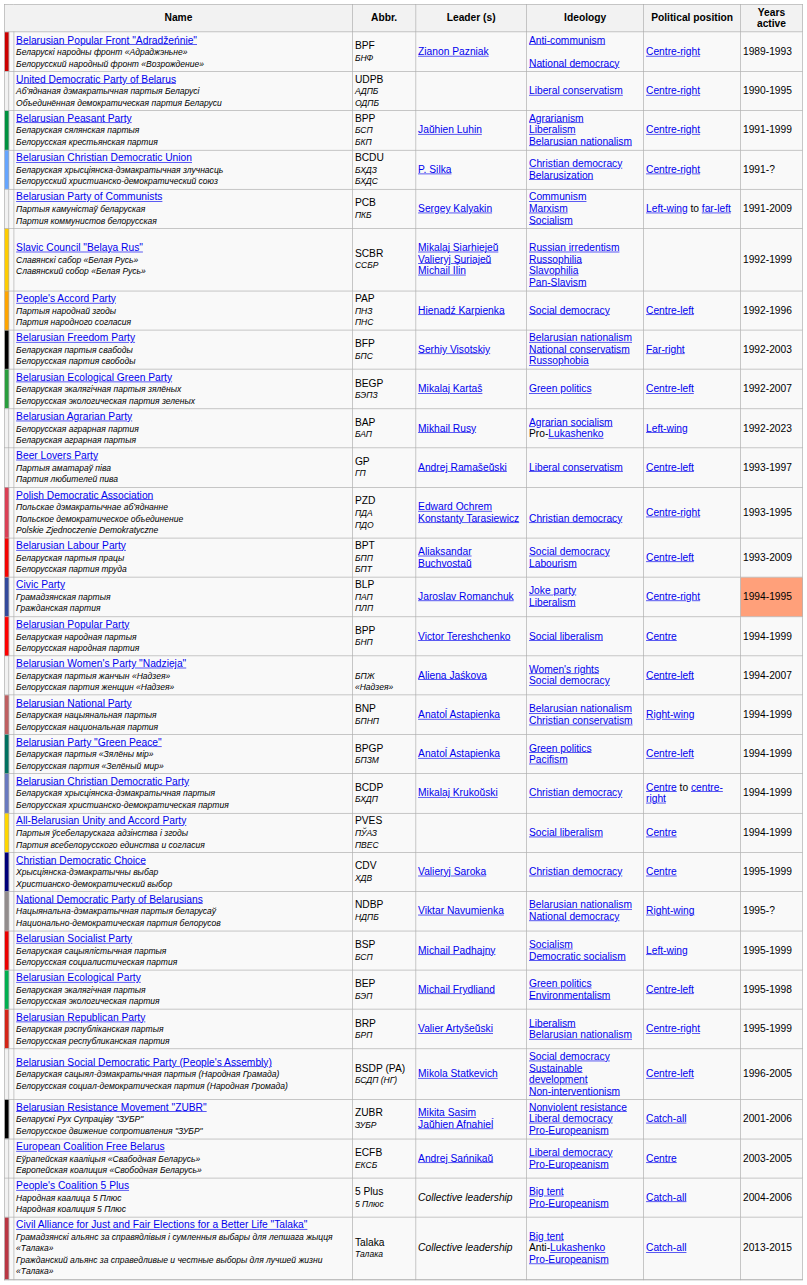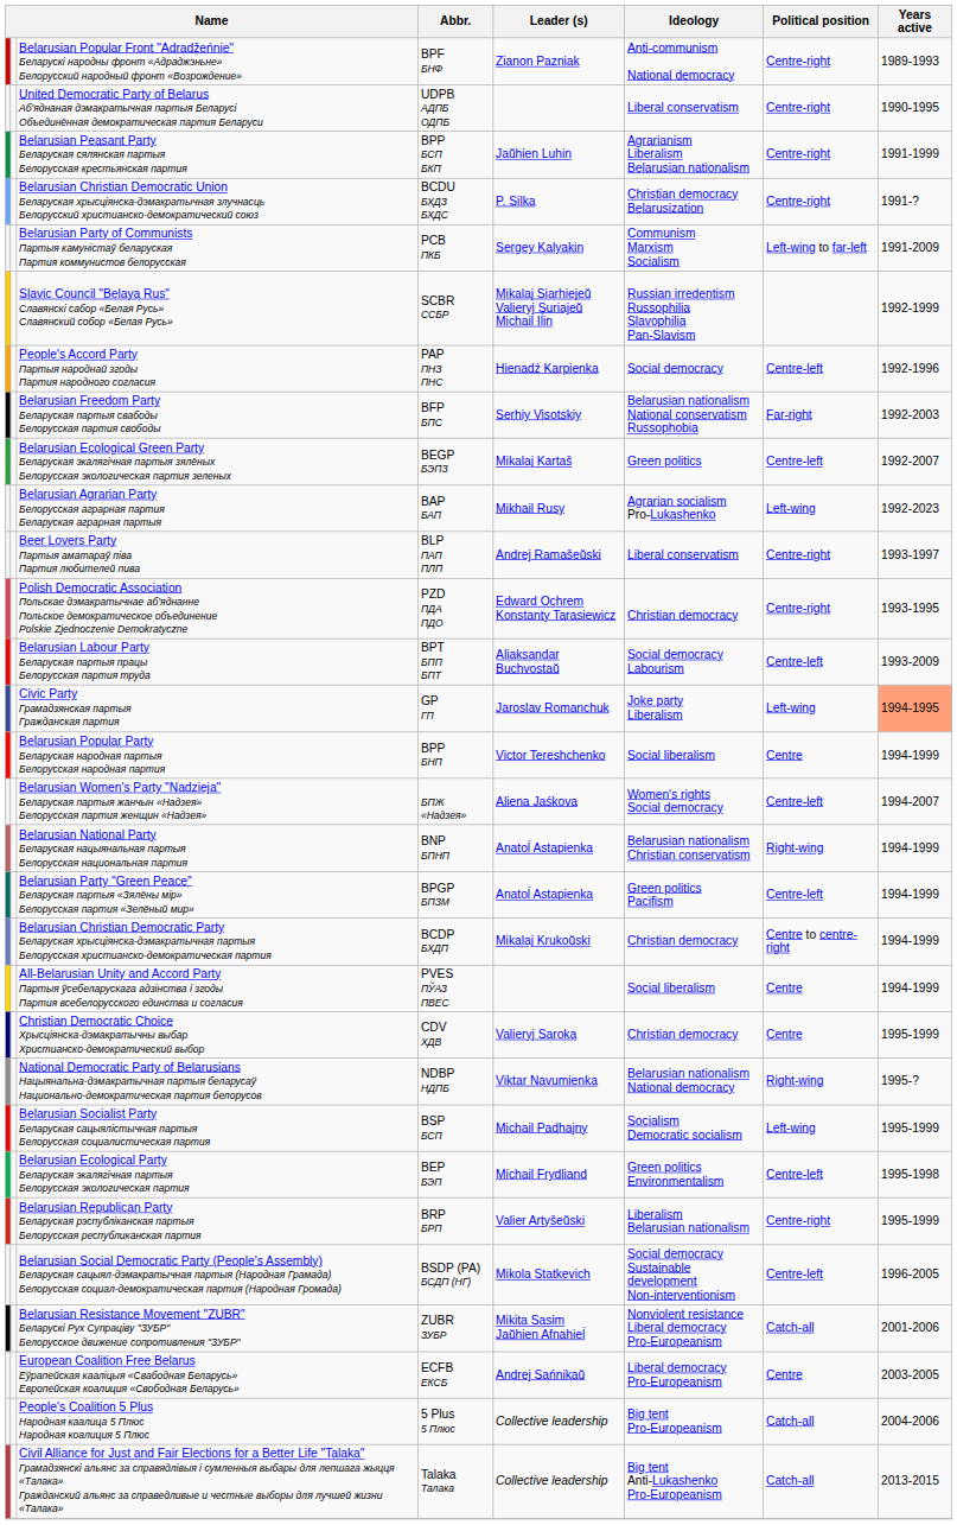 <table class="wikitable sortable">
 <tr>
 <th colspan=3>Name</th>
 <th>Abbr.</th>
 <th>Leader (s)</th>
 <th>Ideology</th>
 <th>Political position</th>
 <th>Years active</th>
 </tr>
 <tr>
 <th style="background:#CC0000;"></th>
 <td></td>
 <td><a href='#'>Belarusian Popular Front "Adradžeńnie"</a><br><small><em>Беларускі народны фронт «Адраджэньне»<br>Белорусский народный фронт «Возрождение»</em></small></td>
 <td>BPF<br><small><em>БНФ</em></small></td>
 <td><a href='#'>Zianon Pazniak</a></td>
 <td><a href='#'>Anti-communism</a><br><br><a href='#'>National democracy</a></td>
 <td><a href='#'>Centre-right</a></td>
 <td>1989-1993<br></td>
 </tr>
 <tr>
 <th style="background:"></th>
 <td></td>
 <td><a href='#'>United Democratic Party of Belarus</a><br><small><em>Аб'яднаная дэмакратычная партыя Беларусі<br>Объединённая демократическая партия Беларуси</em></small></td>
 <td>UDPB<br><small><em>АДПБ<br>ОДПБ</em></small></td>
 <td></td>
 <td><a href='#'>Liberal conservatism</a></td>
 <td><a href='#'>Centre-right</a></td>
 <td>1990-1995<br></td>
 </tr>
 <tr>
 <th style="background:#009240;"></th>
 <td></td>
 <td><a href='#'>Belarusian Peasant Party</a><br><small><em>Беларуская сялянская партыя<br>Белорусская крестьянская партия</em></small></td>
 <td>BPP<br><small><em>БСП<br>БКП</em></small></td>
 <td><a href='#'>Jaŭhien Luhin</a></td>
 <td><a href='#'>Agrarianism</a><br><a href='#'>Liberalism</a><br><a href='#'>Belarusian nationalism</a></td>
 <td><a href='#'>Centre-right</a></td>
 <td>1991-1999</td>
 </tr>
 <tr>
 <th style="background:#65A5FF;"></th>
 <td></td>
 <td><a href='#'>Belarusian Christian Democratic Union</a><br><small><em>Беларуская хрысціянска-дэмакратычная злучнасць<br>Белорусский христианско-демократический союз</em></small></td>
 <td>BCDU<br><small><em>БХДЗ<br>БХДС</em></small></td>
 <td><a href='#'>P. Silka</a></td>
 <td><a href='#'>Christian democracy</a><br><a href='#'>Belarusization</a></td>
 <td><a href='#'>Centre-right</a></td>
 <td>1991-?</td>
 </tr>
 <tr>
 <th style="background:"></th>
 <td></td>
 <td><a href='#'>Belarusian Party of Communists</a><br><small><em>Партыя камуністаў беларуская<br>Партия коммунистов белорусская</em></small></td>
 <td>PCB<br><small><em>ПКБ</em></small></td>
 <td><a href='#'>Sergey Kalyakin</a></td>
 <td><a href='#'>Communism</a><br><a href='#'>Marxism</a><br><a href='#'>Socialism</a></td>
 <td><a href='#'>Left-wing</a> to <a href='#'>far-left</a></td>
 <td>1991-2009<br></td>
 </tr>
 <tr>
 <th style="background:#FFCD01;"></th>
 <td></td>
 <td><a href='#'>Slavic Council "Belaya Rus"</a><br><small><em>Славянскі сабор «Белая Русь»<br>Славянский собор «Белая Русь»</em></small></td>
 <td>SCBR<br><small><em>ССБР</em></small></td>
 <td><a href='#'>Mikalaj Siarhiejeŭ</a><br><a href='#'>Valieryj Suriajeŭ</a><br><a href='#'>Michail Iĺin</a></td>
 <td><br><a href='#'>Russian irredentism</a><br><a href='#'>Russophilia</a><br><a href='#'>Slavophilia</a><br><a href='#'>Pan-Slavism</a></td>
 <td></td>
 <td>1992-1999</td>
 </tr>
 <tr>
 <th style="background:#FFA500;"></th>
 <td></td>
 <td><a href='#'>People's Accord Party</a><br><small><em>Партыя народнай згоды<br>Партия народного согласия</em></small></td>
 <td>PAP<br><small><em>ПНЗ<br>ПНС</em></small></td>
 <td><a href='#'>Hienadź Karpienka</a></td>
 <td><a href='#'>Social democracy</a></td>
 <td><a href='#'>Centre-left</a></td>
 <td>1992-1996<br></td>
 </tr>
 <tr>
 <th style="background:#000000;"></th>
 <td></td>
 <td><a href='#'>Belarusian Freedom Party</a><br><small><em>Беларуская партыя свабоды<br>Белорусская партия свободы</em></small></td>
 <td>BFP<br><small><em>БПС</em></small></td>
 <td><a href='#'>Serhiy Visotskiy</a></td>
 <td><a href='#'>Belarusian nationalism</a><br><a href='#'>National conservatism</a><br><a href='#'>Russophobia</a></td>
 <td><a href='#'>Far-right</a></td>
 <td>1992-2003<br></td>
 </tr>
 <tr>
 <th style="background:#289E3D;"></th>
 <td></td>
 <td><a href='#'>Belarusian Ecological Green Party</a><br><small><em>Беларуская экалягічная партыя зялёных<br>Белорусская экологическая партия зеленых</em></small></td>
 <td>BEGP<br><small><em>БЭПЗ</em></small></td>
 <td><a href='#'>Mikalaj Kartaš</a></td>
 <td><a href='#'>Green politics</a></td>
 <td><a href='#'>Centre-left</a></td>
 <td>1992-2007</td>
 </tr>
 <tr>
 <th style="background-color: "></th>
 <td></td>
 <td><a href='#'>Belarusian Agrarian Party</a><br><small><em>Белорусская аграрная партия<br>Беларуская аграрная партыя</em></small></td>
 <td>BAP<br><small><em>БАП</em></small></td>
 <td><a href='#'>Mikhail Rusy</a></td>
 <td><a href='#'>Agrarian socialism</a><br>Pro-<a href='#'>Lukashenko</a></td>
 <td><a href='#'>Left-wing</a></td>
 <td>1992-2023</td>
 </tr>
 <tr>
 <th style="background:"></th>
 <td></td>
 <td><a href='#'>Beer Lovers Party</a><br><small><em>Партыя аматараў піва<br>Партия любителей пива</em></small></td>
-<td>GP<br><small><em>ГП</em></small></td>
+<td>BLP<br><small><em>ПАП<br>ПЛП</em></small></td>
 <td><a href='#'>Andrej Ramašeŭski</a></td>
 <td><a href='#'>Liberal conservatism</a></td>
-<td><a href='#'>Centre-left</a></td>
+<td><a href='#'>Centre-right</a></td>
 <td>1993-1997</td>
 </tr>
 <tr>
 <th style="background:#DB3F55;"></th>
 <td></td>
 <td><a href='#'>Polish Democratic Association</a><br><small><em>Польскае дэмакратычнае аб’яднанне<br>Польское демократическое объединение<br>Polskie Zjednoczenie Demokratyczne</em></small></td>
 <td>PZD<br><small><em>ПДА<br>ПДО</em></small></td>
 <td><a href='#'>Edward Ochrem</a><br><a href='#'>Konstanty Tarasiewicz</a></td>
 <td><br><a href='#'>Christian democracy</a></td>
 <td><a href='#'>Centre-right</a></td>
 <td>1993-1995</td>
 </tr>
 <tr>
 <th style="background:#F40201;"></th>
 <td></td>
 <td><a href='#'>Belarusian Labour Party</a><br><small><em>Беларуская партыя працы<br>Белорусская партия труда</em></small></td>
 <td>BPT<br><small><em>БПП<br>БПТ</em></small></td>
 <td><a href='#'>Aliaksandar Buchvostaŭ</a></td>
 <td><a href='#'>Social democracy</a><br><a href='#'>Labourism</a></td>
 <td><a href='#'>Centre-left</a></td>
 <td>1993-2009<br></td>
 </tr>
 <tr>
 <th style="background:#33499B;"></th>
 <td></td>
 <td><a href='#'>Civic Party</a><br><small><em>Грамадзянская партыя<br>Гражданская партия</em></small></td>
-<td>BLP<br><small><em>ПАП<br>ПЛП</em></small></td>
+<td>GP<br><small><em>ГП</em></small></td>
 <td><a href='#'>Jaroslav Romanchuk</a></td>
 <td><a href='#'>Joke party</a><br><a href='#'>Liberalism</a></td>
-<td><a href='#'>Centre-right</a></td>
+<td><a href='#'>Left-wing</a></td>
 <td style="background: lightsalmon;">1994-1995<br></td>
 </tr>
 <tr>
 <th style="background:#FF0000"></th>
 <td></td>
 <td><a href='#'>Belarusian Popular Party</a><br><small><em>Беларуская народная партыя<br>Белорусская народная партия</em></small></td>
 <td>BPP<br><small><em>БНП</em></small></td>
 <td><a href='#'>Victor Tereshchenko</a></td>
 <td><a href='#'>Social liberalism</a></td>
 <td><a href='#'>Centre</a></td>
 <td>1994-1999</td>
 </tr>
 <tr>
 <th style="background:"></th>
 <td></td>
 <td><a href='#'>Belarusian Women's Party "Nadzieja"</a><br><small><em>Беларуская партыя жанчын «Надзея»<br>Белорусская партия женщин «Надзея»</em></small></td>
 <td><br><small><em>БПЖ «Надзея»</em></small></td>
 <td><a href='#'>Aliena Jaśkova</a></td>
 <td><a href='#'>Women's rights</a><br><a href='#'>Social democracy</a></td>
 <td><a href='#'>Centre-left</a></td>
 <td>1994-2007<br></td>
 </tr>
 <tr>
 <th style="background:#BF5F61;"></th>
 <td></td>
 <td><a href='#'>Belarusian National Party</a><br><small><em>Беларуская нацыянальная партыя<br>Белорусская национальная партия</em></small></td>
 <td>BNP<br><small><em>БПНП</em></small></td>
 <td><a href='#'>Anatoĺ Astapienka</a></td>
 <td><a href='#'>Belarusian nationalism</a><br><a href='#'>Christian conservatism</a></td>
 <td><a href='#'>Right-wing</a></td>
 <td>1994-1999</td>
 </tr>
 <tr>
 <th style="background:#00715F;"></th>
 <td></td>
 <td><a href='#'>Belarusian Party "Green Peace"</a><br><small><em>Беларуская партыя «Зялёны мір»<br>Белорусская партия «Зелёный мир»</em></small></td>
 <td>BPGP<br><small><em>БПЗМ</em></small></td>
 <td><a href='#'>Anatoĺ Astapienka</a></td>
 <td><a href='#'>Green politics</a><br><a href='#'>Pacifism</a></td>
 <td><a href='#'>Centre-left</a></td>
 <td>1994-1999</td>
 </tr>
 <tr>
 <th style="background:#6879BF;"></th>
 <td></td>
 <td><a href='#'>Belarusian Christian Democratic Party</a><br><small><em>Беларуская хрысціянска-дэмакратычная партыя<br>Белорусская христианско-демократическая партия</em></small></td>
 <td>BCDP<br><small><em>БХДП</em></small></td>
 <td><a href='#'>Mikalaj Krukoŭski</a></td>
 <td><a href='#'>Christian democracy</a></td>
 <td><a href='#'>Centre</a> to <a href='#'>centre-right</a></td>
 <td>1994-1999</td>
 </tr>
 <tr>
 <th style="background:#FFD700;"></th>
 <td></td>
 <td><a href='#'>All-Belarusian Unity and Accord Party</a><br><small><em>Партыя ўсебеларускага адзінства і згоды<br>Партия всебелорусского единства и согласия</em></small></td>
 <td>PVES<br><small><em>ПЎАЗ<br>ПВЕС</em></small></td>
 <td></td>
 <td><a href='#'>Social liberalism</a></td>
 <td><a href='#'>Centre</a></td>
 <td>1994-1999</td>
 </tr>
 <tr>
 <th style="background:#00007A;"></th>
 <td></td>
 <td><a href='#'>Christian Democratic Choice</a><br><small><em>Хрысціянска-дэмакратычны выбар<br>Христианско-демократический выбор</em></small></td>
 <td>CDV<br><small><em>ХДВ</em></small></td>
 <td><a href='#'>Valieryj Saroka</a></td>
 <td><a href='#'>Christian democracy</a></td>
 <td><a href='#'>Centre</a></td>
 <td>1995-1999</td>
 </tr>
 <tr>
 <th style="background:#928C8C;"></th>
 <td></td>
 <td><a href='#'>National Democratic Party of Belarusians</a><br><small><em>Нацыянальна-дэмакратычная партыя беларусаў<br>Национально-демократическая партия белорусов</em></small></td>
 <td>NDBP<br><small><em>НДПБ</em></small></td>
 <td><a href='#'>Viktar Navumienka</a></td>
 <td><a href='#'>Belarusian nationalism</a><br><a href='#'>National democracy</a></td>
 <td><a href='#'>Right-wing</a></td>
 <td>1995-?</td>
 </tr>
 <tr>
 <th style="background:#EC0000;"></th>
 <td></td>
 <td><a href='#'>Belarusian Socialist Party</a><br><small><em>Беларуская сацыялістычная партыя<br>Белорусская социалистическая партия</em></small></td>
 <td>BSP<br><small><em>БСП</em></small></td>
 <td><a href='#'>Michail Padhajny</a></td>
 <td><a href='#'>Socialism</a><br><a href='#'>Democratic socialism</a></td>
 <td><a href='#'>Left-wing</a></td>
 <td>1995-1999</td>
 </tr>
 <tr>
 <th style="background:#00AF50;"></th>
 <td></td>
 <td><a href='#'>Belarusian Ecological Party</a><br><small><em>Беларуская экалягічная партыя<br>Белорусская экологическая партия</em></small></td>
 <td>BEP<br><small><em>БЭП</em></small></td>
 <td><a href='#'>Michail Frydliand</a></td>
 <td><a href='#'>Green politics</a><br><a href='#'>Environmentalism</a></td>
 <td><a href='#'>Centre-left</a></td>
 <td>1995-1998<br></td>
 </tr>
 <tr>
 <th style="background:#D42417;"></th>
 <td></td>
 <td><a href='#'>Belarusian Republican Party</a><br><small><em>Беларуская рэспубліканская партыя<br>Белорусская республиканская партия</em></small></td>
 <td>BRP<br><small><em>БРП</em></small></td>
 <td><a href='#'>Valier Artyšeŭski</a></td>
 <td><a href='#'>Liberalism</a><br><a href='#'>Belarusian nationalism</a></td>
 <td><a href='#'>Centre-right</a></td>
 <td>1995-1999</td>
 </tr>
 <tr>
 <th style="background:"></th>
 <td></td>
 <td><a href='#'>Belarusian Social Democratic Party (People's Assembly)</a><br><small><em>Беларуская сацыял-дэмакратычная партыя (Народная Грамада)<br>Белорусская социал-демократическая партия (Народная Громада)</em></small></td>
 <td>BSDP (PA)<br><small><em>БСДП (НГ)</em></small></td>
 <td><a href='#'>Mikola Statkevich</a></td>
 <td><a href='#'>Social democracy</a><br><a href='#'>Sustainable development</a><br><a href='#'>Non-interventionism</a></td>
 <td><a href='#'>Centre-left</a></td>
 <td>1996-2005<br></td>
 </tr>
 <tr>
 <th style="background:#000000;"></th>
 <td></td>
 <td><a href='#'>Belarusian Resistance Movement "ZUBR"</a><br><small><em>Беларускі Рух Супраціву "ЗУБР"<br>Белорусское движение сопротивления "ЗУБР"</em></small></td>
 <td>ZUBR<br><small><em>ЗУБР</em></small></td>
 <td><a href='#'>Mikita Sasim</a><br><a href='#'>Jaŭhien Afnahieĺ</a></td>
 <td><a href='#'>Nonviolent resistance</a><br><a href='#'>Liberal democracy</a><br><a href='#'>Pro-Europeanism</a></td>
 <td><a href='#'>Catch-all</a></td>
 <td>2001-2006</td>
 </tr>
 <tr>
 <th style="background:"></th>
 <td></td>
 <td><a href='#'>European Coalition Free Belarus</a><br><small><em>Еўрапейская кааліцыя «Свабодная Беларусь»<br>Европейская коалиция «Свободная Беларусь»</em></small></td>
 <td>ECFB<br><small><em>ЕКСБ</em></small></td>
 <td><a href='#'>Andrej Sańnikaŭ</a></td>
 <td><a href='#'>Liberal democracy</a><br><a href='#'>Pro-Europeanism</a></td>
 <td><a href='#'>Centre</a></td>
 <td>2003-2005</td>
 </tr>
 <tr>
 <th style="background:"></th>
 <td></td>
 <td><a href='#'>People's Coalition 5 Plus</a><br><small><em>Народная каалица 5 Плюс<br>Народная коалиция 5 Плюс</em></small></td>
 <td>5 Plus<br><small><em>5 Плюс</em></small></td>
 <td><em>Collective leadership</em></td>
 <td><a href='#'>Big tent</a><br><a href='#'>Pro-Europeanism</a></td>
 <td><a href='#'>Catch-all</a></td>
 <td>2004-2006<br></td>
 </tr>
 <tr>
 <th style="background:#BA3643;"></th>
 <td></td>
 <td><a href='#'>Civil Alliance for Just and Fair Elections for a Better Life "Talaka"</a><br><small><em>Грамадзянскі альянс за справядлівыя і сумленныя выбары для лепшага жыцця «Талака»<br>Гражданский альянс за справедливые и честные выборы для лучшей жизни «Талака»</em></small></td>
 <td>Talaka<br><small><em>Талака</em></small></td>
 <td><em>Collective leadership</em></td>
 <td><a href='#'>Big tent</a><br>Anti-<a href='#'>Lukashenko</a><br><a href='#'>Pro-Europeanism</a></td>
 <td><a href='#'>Catch-all</a></td>
 <td>2013-2015</td>
 </tr>
 <tr>
 </tr>
 </table>
